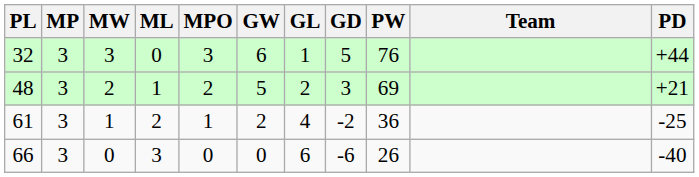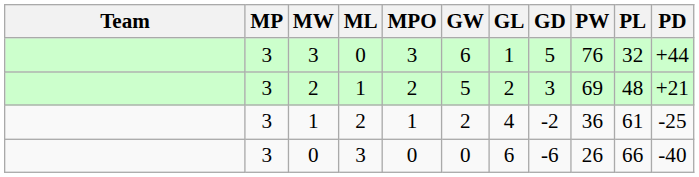 <table class=wikitable style="text-align:center">
 <tr>
-<th width=20>PL</th>
+<th width=175>Team</th>
 <th width=20>MP</th>
 <th width=20>MW</th>
 <th width=20>ML</th>
 <th width=20>MPO</th>
 <th width=20>GW</th>
 <th width=20>GL</th>
 <th width=20>GD</th>
 <th width=20>PW</th>
-<th width=175>Team</th>
+<th width=20>PL</th>
 <th width=20>PD</th>
 </tr>
 <tr bgcolor="#ccffcc">
-<td>32</td>
+<td align=left><strong><br></strong></td>
 <td>3</td>
 <td>3</td>
 <td>0</td>
 <td>3</td>
 <td>6</td>
 <td>1</td>
 <td>5</td>
 <td>76</td>
-<td align=left><strong><br></strong></td>
+<td>32</td>
 <td>+44</td>
 </tr>
 <tr bgcolor="#ccffcc">
-<td>48</td>
+<td align=left><strong><br></strong></td>
 <td>3</td>
 <td>2</td>
 <td>1</td>
 <td>2</td>
 <td>5</td>
 <td>2</td>
 <td>3</td>
 <td>69</td>
-<td align=left><strong><br></strong></td>
+<td>48</td>
 <td>+21</td>
 </tr>
 <tr>
-<td>61</td>
+<td align=left><br></td>
 <td>3</td>
 <td>1</td>
 <td>2</td>
 <td>1</td>
 <td>2</td>
 <td>4</td>
 <td>-2</td>
 <td>36</td>
-<td align=left><br></td>
+<td>61</td>
 <td>-25</td>
 </tr>
 <tr>
-<td>66</td>
+<td align=left><br></td>
 <td>3</td>
 <td>0</td>
 <td>3</td>
 <td>0</td>
 <td>0</td>
 <td>6</td>
 <td>-6</td>
 <td>26</td>
-<td align=left><br></td>
+<td>66</td>
 <td>-40</td>
 </tr>
 </table>
